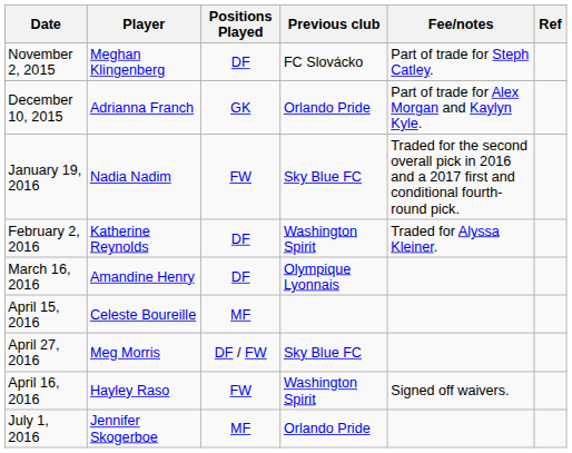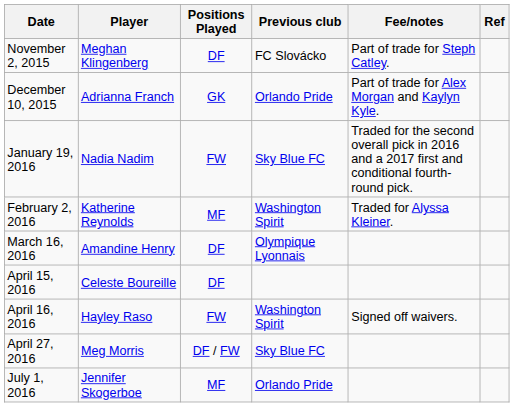 <table class="wikitable" style="text-align:left; font-size:95%;">
 <tr>
 <th style="width:125px;">Date</th>
 <th style="width:250px;">Player</th>
 <th style="width:120px;">Positions Played</th>
 <th style="width:220px;">Previous club</th>
 <th style="width:450px;">Fee/notes</th>
 <th style="width:40px;">Ref</th>
 </tr>
 <tr>
 <td>November 2, 2015</td>
 <td> <a href='#'>Meghan Klingenberg</a></td>
 <td style="text-align:center;"><a href='#'>DF</a></td>
 <td> FC Slovácko</td>
 <td>Part of trade for <a href='#'>Steph Catley</a>.</td>
 <td></td>
 </tr>
 <tr>
 <td>December 10, 2015</td>
 <td> <a href='#'>Adrianna Franch</a></td>
 <td style="text-align:center;"><a href='#'>GK</a></td>
 <td> <a href='#'>Orlando Pride</a></td>
 <td>Part of trade for <a href='#'>Alex Morgan</a> and <a href='#'>Kaylyn Kyle</a>.</td>
 <td></td>
 </tr>
 <tr>
 <td>January 19, 2016</td>
 <td> <a href='#'>Nadia Nadim</a></td>
 <td style="text-align:center;"><a href='#'>FW</a></td>
 <td> <a href='#'>Sky Blue FC</a></td>
 <td>Traded for the second overall pick in 2016 and a 2017 first and conditional fourth-round pick.</td>
 <td></td>
 </tr>
 <tr>
 <td>February 2, 2016</td>
 <td> <a href='#'>Katherine Reynolds</a></td>
-<td style="text-align:center;"><a href='#'>DF</a></td>
+<td style="text-align:center;"><a href='#'>MF</a></td>
 <td> <a href='#'>Washington Spirit</a></td>
 <td>Traded for <a href='#'>Alyssa Kleiner</a>.</td>
 <td></td>
 </tr>
 <tr>
 <td>March 16, 2016</td>
 <td> <a href='#'>Amandine Henry</a></td>
 <td style="text-align:center;"><a href='#'>DF</a></td>
 <td> <a href='#'>Olympique Lyonnais</a></td>
 <td></td>
 <td></td>
 </tr>
 <tr>
 <td>April 15, 2016</td>
 <td> <a href='#'>Celeste Boureille</a></td>
-<td style="text-align:center;"><a href='#'>MF</a></td>
+<td style="text-align:center;"><a href='#'>DF</a></td>
 <td></td>
-<td></td>
-<td></td>
-</tr>
-<tr>
-<td>April 27, 2016</td>
-<td> <a href='#'>Meg Morris</a></td>
-<td style="text-align:center;"><a href='#'>DF</a> / <a href='#'>FW</a></td>
-<td> <a href='#'>Sky Blue FC</a></td>
 <td></td>
 <td></td>
 </tr>
 <tr>
 <td>April 16, 2016</td>
 <td> <a href='#'>Hayley Raso</a></td>
 <td style="text-align:center;"><a href='#'>FW</a></td>
 <td> <a href='#'>Washington Spirit</a></td>
 <td>Signed off waivers.</td>
 <td></td>
 </tr>
 <tr>
+<td>April 27, 2016</td>
+<td> <a href='#'>Meg Morris</a></td>
+<td style="text-align:center;"><a href='#'>DF</a> / <a href='#'>FW</a></td>
+<td> <a href='#'>Sky Blue FC</a></td>
+<td></td>
+<td></td>
+</tr>
+<tr>
 <td>July 1, 2016</td>
 <td> <a href='#'>Jennifer Skogerboe</a></td>
 <td style="text-align:center;"><a href='#'>MF</a></td>
 <td> <a href='#'>Orlando Pride</a></td>
 <td></td>
 <td></td>
 </tr>
 </table>
